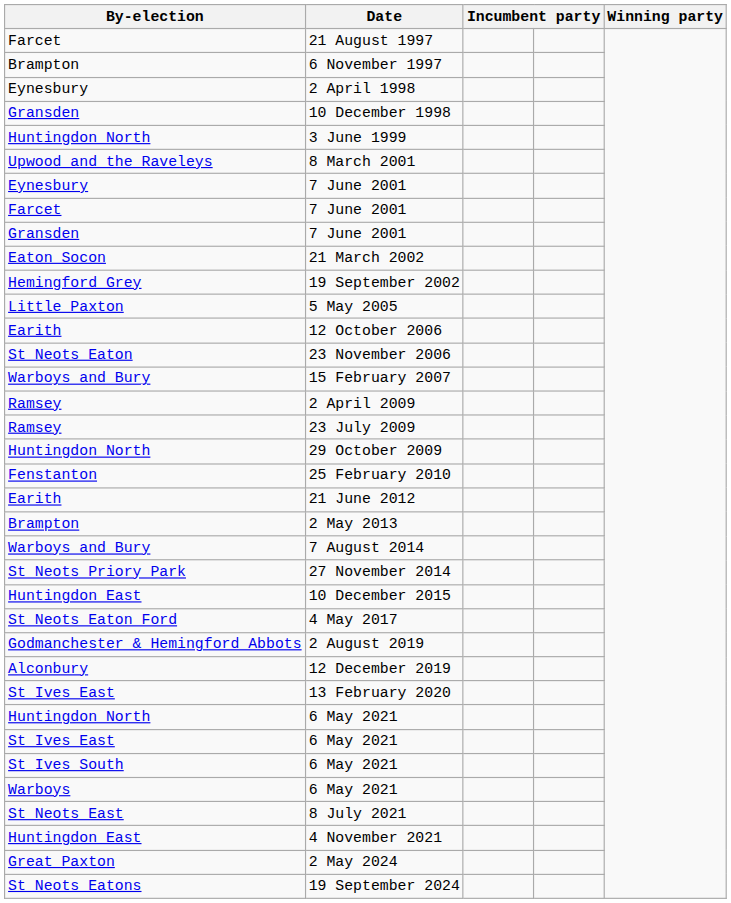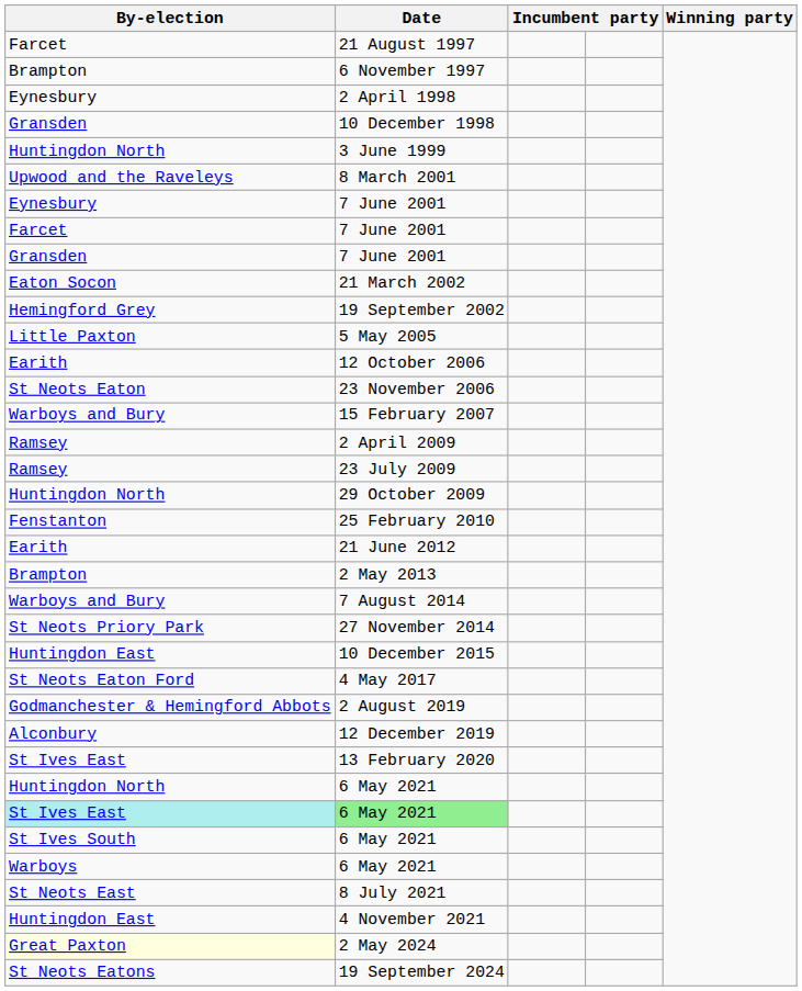 <table class="wikitable">
 <tr>
 <th>By-election</th>
 <th>Date</th>
 <th colspan=2>Incumbent party</th>
 <th colspan=2>Winning party</th>
 </tr>
 <tr bgcolor=>
 <td>Farcet</td>
 <td>21 August 1997</td>
 <td></td>
 <td></td>
 </tr>
 <tr bgcolor=>
 <td>Brampton</td>
 <td>6 November 1997</td>
 <td></td>
 <td></td>
 </tr>
 <tr bgcolor=>
 <td>Eynesbury</td>
 <td>2 April 1998</td>
 <td></td>
 <td></td>
 </tr>
 <tr bgcolor=>
 <td><a href='#'>Gransden</a></td>
 <td>10 December 1998</td>
 <td></td>
 <td></td>
 </tr>
 <tr bgcolor=>
 <td><a href='#'>Huntingdon North</a></td>
 <td>3 June 1999</td>
 <td></td>
 <td></td>
 </tr>
 <tr bgcolor=>
 <td><a href='#'>Upwood and the Raveleys</a></td>
 <td>8 March 2001</td>
 <td></td>
 <td></td>
 </tr>
 <tr bgcolor=>
 <td><a href='#'>Eynesbury</a></td>
 <td>7 June 2001</td>
 <td></td>
 <td></td>
 </tr>
 <tr bgcolor=>
 <td><a href='#'>Farcet</a></td>
 <td>7 June 2001</td>
 <td></td>
 <td></td>
 </tr>
 <tr bgcolor=>
 <td><a href='#'>Gransden</a></td>
 <td>7 June 2001</td>
 <td></td>
 <td></td>
 </tr>
 <tr bgcolor=>
 <td><a href='#'>Eaton Socon</a></td>
 <td>21 March 2002</td>
 <td></td>
 <td></td>
 </tr>
 <tr bgcolor=>
 <td><a href='#'>Hemingford Grey</a></td>
 <td>19 September 2002</td>
 <td></td>
 <td></td>
 </tr>
 <tr bgcolor=>
 <td><a href='#'>Little Paxton</a></td>
 <td>5 May 2005</td>
 <td></td>
 <td></td>
 </tr>
 <tr bgcolor=>
 <td><a href='#'>Earith</a></td>
 <td>12 October 2006</td>
 <td></td>
 <td></td>
 </tr>
 <tr bgcolor=>
 <td><a href='#'>St Neots Eaton</a></td>
 <td>23 November 2006</td>
 <td></td>
 <td></td>
 </tr>
 <tr bgcolor=>
 <td><a href='#'>Warboys and Bury</a></td>
 <td>15 February 2007</td>
 <td></td>
 <td></td>
 </tr>
 <tr bgcolor=>
 <td><a href='#'>Ramsey</a></td>
 <td>2 April 2009</td>
 <td></td>
 <td></td>
 </tr>
 <tr bgcolor=>
 <td><a href='#'>Ramsey</a></td>
 <td>23 July 2009</td>
 <td></td>
 <td></td>
 </tr>
 <tr bgcolor=>
 <td><a href='#'>Huntingdon North</a></td>
 <td>29 October 2009</td>
 <td></td>
 <td></td>
 </tr>
 <tr bgcolor=>
 <td><a href='#'>Fenstanton</a></td>
 <td>25 February 2010</td>
 <td></td>
 <td></td>
 </tr>
 <tr bgcolor=>
 <td><a href='#'>Earith</a></td>
 <td>21 June 2012</td>
 <td></td>
 <td></td>
 </tr>
 <tr bgcolor=>
 <td><a href='#'>Brampton</a></td>
 <td>2 May 2013</td>
 <td></td>
 <td></td>
 </tr>
 <tr bgcolor=>
 <td><a href='#'>Warboys and Bury</a></td>
 <td>7 August 2014</td>
 <td></td>
 <td></td>
 </tr>
 <tr>
 <td><a href='#'>St Neots Priory Park</a></td>
 <td>27 November 2014</td>
 <td></td>
 <td></td>
 </tr>
 <tr bgcolor=>
 <td><a href='#'>Huntingdon East</a></td>
 <td>10 December 2015</td>
 <td></td>
 <td></td>
 </tr>
 <tr bgcolor=>
 <td><a href='#'>St Neots Eaton Ford</a></td>
 <td>4 May 2017</td>
 <td></td>
 <td></td>
 </tr>
 <tr bgcolor=>
 <td><a href='#'>Godmanchester & Hemingford Abbots</a></td>
 <td>2 August 2019</td>
 <td></td>
 <td></td>
 </tr>
 <tr bgcolor=>
 <td><a href='#'>Alconbury</a></td>
 <td>12 December 2019</td>
 <td></td>
 <td></td>
 </tr>
 <tr>
 <td><a href='#'>St Ives East</a></td>
 <td>13 February 2020</td>
 <td></td>
 <td></td>
 </tr>
 <tr>
 <td><a href='#'>Huntingdon North</a></td>
 <td>6 May 2021</td>
 <td></td>
 <td></td>
 </tr>
 <tr>
-<td><a href='#'>St Ives East</a></td>
-<td>6 May 2021</td>
+<td style="background: paleturquoise;"><a href='#'>St Ives East</a></td>
+<td style="background: lightgreen;">6 May 2021</td>
 <td></td>
 <td></td>
 </tr>
 <tr>
 <td><a href='#'>St Ives South</a></td>
 <td>6 May 2021</td>
 <td></td>
 <td></td>
 </tr>
 <tr>
 <td><a href='#'>Warboys</a></td>
 <td>6 May 2021</td>
 <td></td>
 <td></td>
 </tr>
 <tr bgcolor=>
 <td><a href='#'>St Neots East</a></td>
 <td>8 July 2021</td>
 <td></td>
 <td></td>
 </tr>
 <tr>
 <td><a href='#'>Huntingdon East</a></td>
 <td>4 November 2021</td>
 <td></td>
 <td></td>
 </tr>
 <tr>
-<td><a href='#'>Great Paxton</a></td>
+<td style="background: lightyellow;"><a href='#'>Great Paxton</a></td>
 <td>2 May 2024</td>
 <td></td>
 <td></td>
 </tr>
 <tr>
 <td><a href='#'>St Neots Eatons</a></td>
 <td>19 September 2024</td>
 <td></td>
 <td></td>
 </tr>
 </table>
